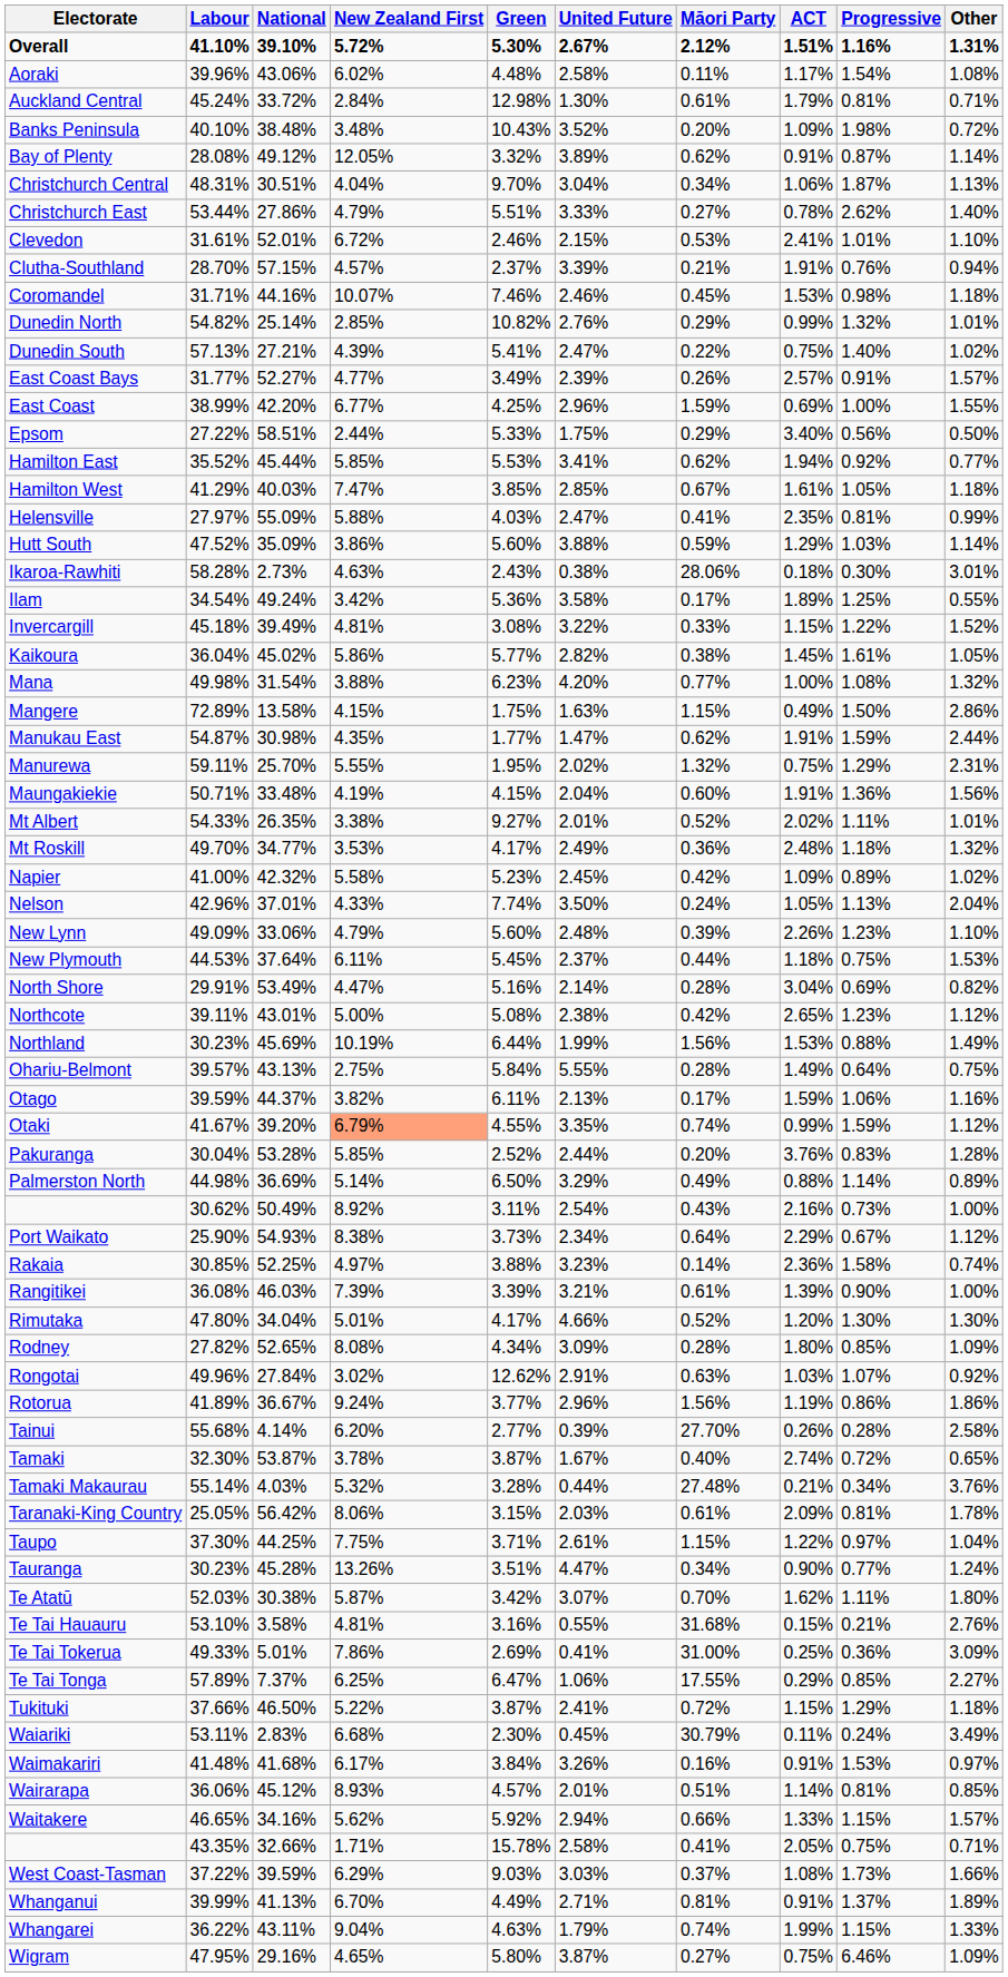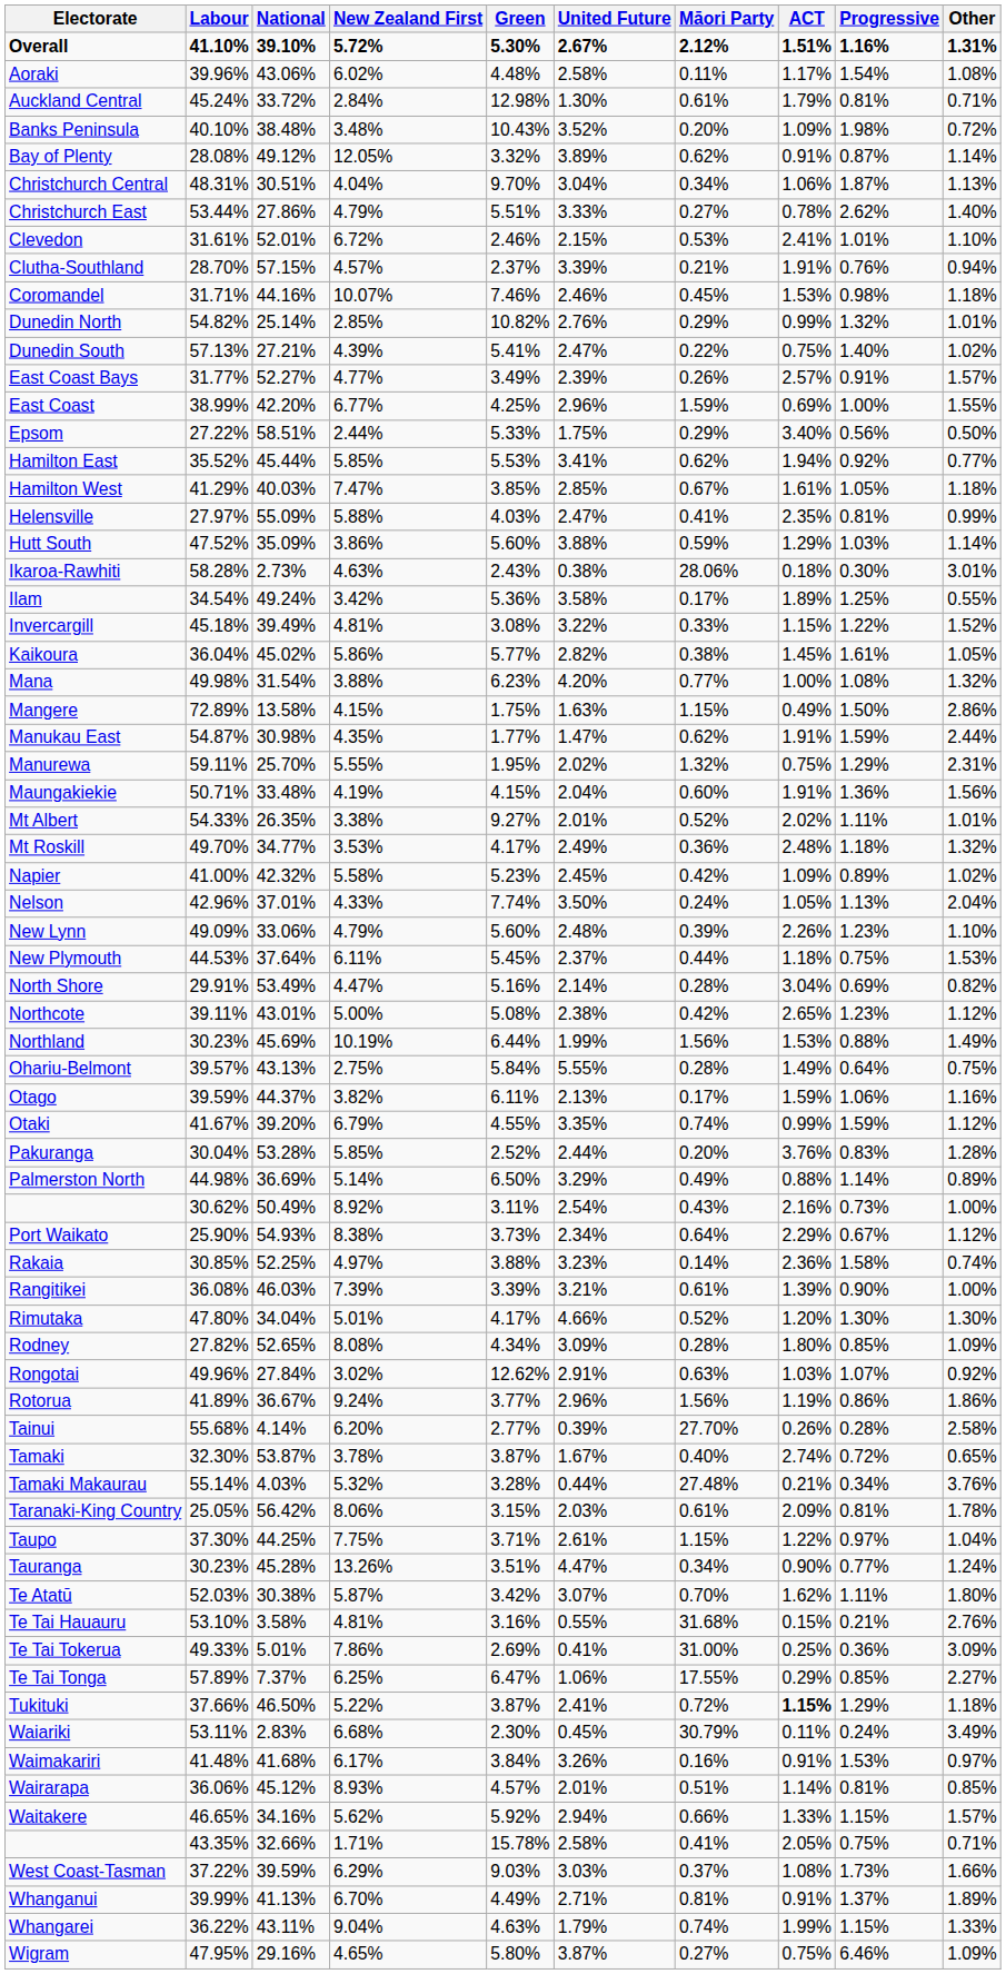 <table class="wikitable sortable">
 <tr>
 <th>Electorate</th>
 <th><a href='#'>Labour</a></th>
 <th><a href='#'>National</a></th>
 <th><a href='#'>New Zealand First</a></th>
 <th><a href='#'>Green</a></th>
 <th><a href='#'>United Future</a></th>
 <th><a href='#'>Māori Party</a></th>
 <th><a href='#'>ACT</a></th>
 <th><a href='#'>Progressive</a></th>
 <th>Other</th>
 </tr>
 <tr>
 <td><strong>Overall</strong></td>
 <td><strong>41.10%</strong></td>
 <td><strong>39.10%</strong></td>
 <td><strong>5.72%</strong></td>
 <td><strong>5.30%</strong></td>
 <td><strong>2.67%</strong></td>
 <td><strong>2.12%</strong></td>
 <td><strong>1.51%</strong></td>
 <td><strong>1.16%</strong></td>
 <td><strong>1.31%</strong></td>
 </tr>
 <tr>
 <td><a href='#'>Aoraki</a></td>
 <td>39.96%</td>
 <td>43.06%</td>
 <td>6.02%</td>
 <td>4.48%</td>
 <td>2.58%</td>
 <td>0.11%</td>
 <td>1.17%</td>
 <td>1.54%</td>
 <td>1.08%</td>
 </tr>
 <tr>
 <td><a href='#'>Auckland Central</a></td>
 <td>45.24%</td>
 <td>33.72%</td>
 <td>2.84%</td>
 <td>12.98%</td>
 <td>1.30%</td>
 <td>0.61%</td>
 <td>1.79%</td>
 <td>0.81%</td>
 <td>0.71%</td>
 </tr>
 <tr>
 <td><a href='#'>Banks Peninsula</a></td>
 <td>40.10%</td>
 <td>38.48%</td>
 <td>3.48%</td>
 <td>10.43%</td>
 <td>3.52%</td>
 <td>0.20%</td>
 <td>1.09%</td>
 <td>1.98%</td>
 <td>0.72%</td>
 </tr>
 <tr>
 <td><a href='#'>Bay of Plenty</a></td>
 <td>28.08%</td>
 <td>49.12%</td>
 <td>12.05%</td>
 <td>3.32%</td>
 <td>3.89%</td>
 <td>0.62%</td>
 <td>0.91%</td>
 <td>0.87%</td>
 <td>1.14%</td>
 </tr>
 <tr>
 <td><a href='#'>Christchurch Central</a></td>
 <td>48.31%</td>
 <td>30.51%</td>
 <td>4.04%</td>
 <td>9.70%</td>
 <td>3.04%</td>
 <td>0.34%</td>
 <td>1.06%</td>
 <td>1.87%</td>
 <td>1.13%</td>
 </tr>
 <tr>
 <td><a href='#'>Christchurch East</a></td>
 <td>53.44%</td>
 <td>27.86%</td>
 <td>4.79%</td>
 <td>5.51%</td>
 <td>3.33%</td>
 <td>0.27%</td>
 <td>0.78%</td>
 <td>2.62%</td>
 <td>1.40%</td>
 </tr>
 <tr>
 <td><a href='#'>Clevedon</a></td>
 <td>31.61%</td>
 <td>52.01%</td>
 <td>6.72%</td>
 <td>2.46%</td>
 <td>2.15%</td>
 <td>0.53%</td>
 <td>2.41%</td>
 <td>1.01%</td>
 <td>1.10%</td>
 </tr>
 <tr>
 <td><a href='#'>Clutha-Southland</a></td>
 <td>28.70%</td>
 <td>57.15%</td>
 <td>4.57%</td>
 <td>2.37%</td>
 <td>3.39%</td>
 <td>0.21%</td>
 <td>1.91%</td>
 <td>0.76%</td>
 <td>0.94%</td>
 </tr>
 <tr>
 <td><a href='#'>Coromandel</a></td>
 <td>31.71%</td>
 <td>44.16%</td>
 <td>10.07%</td>
 <td>7.46%</td>
 <td>2.46%</td>
 <td>0.45%</td>
 <td>1.53%</td>
 <td>0.98%</td>
 <td>1.18%</td>
 </tr>
 <tr>
 <td><a href='#'>Dunedin North</a></td>
 <td>54.82%</td>
 <td>25.14%</td>
 <td>2.85%</td>
 <td>10.82%</td>
 <td>2.76%</td>
 <td>0.29%</td>
 <td>0.99%</td>
 <td>1.32%</td>
 <td>1.01%</td>
 </tr>
 <tr>
 <td><a href='#'>Dunedin South</a></td>
 <td>57.13%</td>
 <td>27.21%</td>
 <td>4.39%</td>
 <td>5.41%</td>
 <td>2.47%</td>
 <td>0.22%</td>
 <td>0.75%</td>
 <td>1.40%</td>
 <td>1.02%</td>
 </tr>
 <tr>
 <td><a href='#'>East Coast Bays</a></td>
 <td>31.77%</td>
 <td>52.27%</td>
 <td>4.77%</td>
 <td>3.49%</td>
 <td>2.39%</td>
 <td>0.26%</td>
 <td>2.57%</td>
 <td>0.91%</td>
 <td>1.57%</td>
 </tr>
 <tr>
 <td><a href='#'>East Coast</a></td>
 <td>38.99%</td>
 <td>42.20%</td>
 <td>6.77%</td>
 <td>4.25%</td>
 <td>2.96%</td>
 <td>1.59%</td>
 <td>0.69%</td>
 <td>1.00%</td>
 <td>1.55%</td>
 </tr>
 <tr>
 <td><a href='#'>Epsom</a></td>
 <td>27.22%</td>
 <td>58.51%</td>
 <td>2.44%</td>
 <td>5.33%</td>
 <td>1.75%</td>
 <td>0.29%</td>
 <td>3.40%</td>
 <td>0.56%</td>
 <td>0.50%</td>
 </tr>
 <tr>
 <td><a href='#'>Hamilton East</a></td>
 <td>35.52%</td>
 <td>45.44%</td>
 <td>5.85%</td>
 <td>5.53%</td>
 <td>3.41%</td>
 <td>0.62%</td>
 <td>1.94%</td>
 <td>0.92%</td>
 <td>0.77%</td>
 </tr>
 <tr>
 <td><a href='#'>Hamilton West</a></td>
 <td>41.29%</td>
 <td>40.03%</td>
 <td>7.47%</td>
 <td>3.85%</td>
 <td>2.85%</td>
 <td>0.67%</td>
 <td>1.61%</td>
 <td>1.05%</td>
 <td>1.18%</td>
 </tr>
 <tr>
 <td><a href='#'>Helensville</a></td>
 <td>27.97%</td>
 <td>55.09%</td>
 <td>5.88%</td>
 <td>4.03%</td>
 <td>2.47%</td>
 <td>0.41%</td>
 <td>2.35%</td>
 <td>0.81%</td>
 <td>0.99%</td>
 </tr>
 <tr>
 <td><a href='#'>Hutt South</a></td>
 <td>47.52%</td>
 <td>35.09%</td>
 <td>3.86%</td>
 <td>5.60%</td>
 <td>3.88%</td>
 <td>0.59%</td>
 <td>1.29%</td>
 <td>1.03%</td>
 <td>1.14%</td>
 </tr>
 <tr>
 <td><a href='#'>Ikaroa-Rawhiti</a></td>
 <td>58.28%</td>
 <td>2.73%</td>
 <td>4.63%</td>
 <td>2.43%</td>
 <td>0.38%</td>
 <td>28.06%</td>
 <td>0.18%</td>
 <td>0.30%</td>
 <td>3.01%</td>
 </tr>
 <tr>
 <td><a href='#'>Ilam</a></td>
 <td>34.54%</td>
 <td>49.24%</td>
 <td>3.42%</td>
 <td>5.36%</td>
 <td>3.58%</td>
 <td>0.17%</td>
 <td>1.89%</td>
 <td>1.25%</td>
 <td>0.55%</td>
 </tr>
 <tr>
 <td><a href='#'>Invercargill</a></td>
 <td>45.18%</td>
 <td>39.49%</td>
 <td>4.81%</td>
 <td>3.08%</td>
 <td>3.22%</td>
 <td>0.33%</td>
 <td>1.15%</td>
 <td>1.22%</td>
 <td>1.52%</td>
 </tr>
 <tr>
 <td><a href='#'>Kaikoura</a></td>
 <td>36.04%</td>
 <td>45.02%</td>
 <td>5.86%</td>
 <td>5.77%</td>
 <td>2.82%</td>
 <td>0.38%</td>
 <td>1.45%</td>
 <td>1.61%</td>
 <td>1.05%</td>
 </tr>
 <tr>
 <td><a href='#'>Mana</a></td>
 <td>49.98%</td>
 <td>31.54%</td>
 <td>3.88%</td>
 <td>6.23%</td>
 <td>4.20%</td>
 <td>0.77%</td>
 <td>1.00%</td>
 <td>1.08%</td>
 <td>1.32%</td>
 </tr>
 <tr>
 <td><a href='#'>Mangere</a></td>
 <td>72.89%</td>
 <td>13.58%</td>
 <td>4.15%</td>
 <td>1.75%</td>
 <td>1.63%</td>
 <td>1.15%</td>
 <td>0.49%</td>
 <td>1.50%</td>
 <td>2.86%</td>
 </tr>
 <tr>
 <td><a href='#'>Manukau East</a></td>
 <td>54.87%</td>
 <td>30.98%</td>
 <td>4.35%</td>
 <td>1.77%</td>
 <td>1.47%</td>
 <td>0.62%</td>
 <td>1.91%</td>
 <td>1.59%</td>
 <td>2.44%</td>
 </tr>
 <tr>
 <td><a href='#'>Manurewa</a></td>
 <td>59.11%</td>
 <td>25.70%</td>
 <td>5.55%</td>
 <td>1.95%</td>
 <td>2.02%</td>
 <td>1.32%</td>
 <td>0.75%</td>
 <td>1.29%</td>
 <td>2.31%</td>
 </tr>
 <tr>
 <td><a href='#'>Maungakiekie</a></td>
 <td>50.71%</td>
 <td>33.48%</td>
 <td>4.19%</td>
 <td>4.15%</td>
 <td>2.04%</td>
 <td>0.60%</td>
 <td>1.91%</td>
 <td>1.36%</td>
 <td>1.56%</td>
 </tr>
 <tr>
 <td><a href='#'>Mt Albert</a></td>
 <td>54.33%</td>
 <td>26.35%</td>
 <td>3.38%</td>
 <td>9.27%</td>
 <td>2.01%</td>
 <td>0.52%</td>
 <td>2.02%</td>
 <td>1.11%</td>
 <td>1.01%</td>
 </tr>
 <tr>
 <td><a href='#'>Mt Roskill</a></td>
 <td>49.70%</td>
 <td>34.77%</td>
 <td>3.53%</td>
 <td>4.17%</td>
 <td>2.49%</td>
 <td>0.36%</td>
 <td>2.48%</td>
 <td>1.18%</td>
 <td>1.32%</td>
 </tr>
 <tr>
 <td><a href='#'>Napier</a></td>
 <td>41.00%</td>
 <td>42.32%</td>
 <td>5.58%</td>
 <td>5.23%</td>
 <td>2.45%</td>
 <td>0.42%</td>
 <td>1.09%</td>
 <td>0.89%</td>
 <td>1.02%</td>
 </tr>
 <tr>
 <td><a href='#'>Nelson</a></td>
 <td>42.96%</td>
 <td>37.01%</td>
 <td>4.33%</td>
 <td>7.74%</td>
 <td>3.50%</td>
 <td>0.24%</td>
 <td>1.05%</td>
 <td>1.13%</td>
 <td>2.04%</td>
 </tr>
 <tr>
 <td><a href='#'>New Lynn</a></td>
 <td>49.09%</td>
 <td>33.06%</td>
 <td>4.79%</td>
 <td>5.60%</td>
 <td>2.48%</td>
 <td>0.39%</td>
 <td>2.26%</td>
 <td>1.23%</td>
 <td>1.10%</td>
 </tr>
 <tr>
 <td><a href='#'>New Plymouth</a></td>
 <td>44.53%</td>
 <td>37.64%</td>
 <td>6.11%</td>
 <td>5.45%</td>
 <td>2.37%</td>
 <td>0.44%</td>
 <td>1.18%</td>
 <td>0.75%</td>
 <td>1.53%</td>
 </tr>
 <tr>
 <td><a href='#'>North Shore</a></td>
 <td>29.91%</td>
 <td>53.49%</td>
 <td>4.47%</td>
 <td>5.16%</td>
 <td>2.14%</td>
 <td>0.28%</td>
 <td>3.04%</td>
 <td>0.69%</td>
 <td>0.82%</td>
 </tr>
 <tr>
 <td><a href='#'>Northcote</a></td>
 <td>39.11%</td>
 <td>43.01%</td>
 <td>5.00%</td>
 <td>5.08%</td>
 <td>2.38%</td>
 <td>0.42%</td>
 <td>2.65%</td>
 <td>1.23%</td>
 <td>1.12%</td>
 </tr>
 <tr>
 <td><a href='#'>Northland</a></td>
 <td>30.23%</td>
 <td>45.69%</td>
 <td>10.19%</td>
 <td>6.44%</td>
 <td>1.99%</td>
 <td>1.56%</td>
 <td>1.53%</td>
 <td>0.88%</td>
 <td>1.49%</td>
 </tr>
 <tr>
 <td><a href='#'>Ohariu-Belmont</a></td>
 <td>39.57%</td>
 <td>43.13%</td>
 <td>2.75%</td>
 <td>5.84%</td>
 <td>5.55%</td>
 <td>0.28%</td>
 <td>1.49%</td>
 <td>0.64%</td>
 <td>0.75%</td>
 </tr>
 <tr>
 <td><a href='#'>Otago</a></td>
 <td>39.59%</td>
 <td>44.37%</td>
 <td>3.82%</td>
 <td>6.11%</td>
 <td>2.13%</td>
 <td>0.17%</td>
 <td>1.59%</td>
 <td>1.06%</td>
 <td>1.16%</td>
 </tr>
 <tr>
 <td><a href='#'>Otaki</a></td>
 <td>41.67%</td>
 <td>39.20%</td>
-<td style="background: lightsalmon;">6.79%</td>
+<td>6.79%</td>
 <td>4.55%</td>
 <td>3.35%</td>
 <td>0.74%</td>
 <td>0.99%</td>
 <td>1.59%</td>
 <td>1.12%</td>
 </tr>
 <tr>
 <td><a href='#'>Pakuranga</a></td>
 <td>30.04%</td>
 <td>53.28%</td>
 <td>5.85%</td>
 <td>2.52%</td>
 <td>2.44%</td>
 <td>0.20%</td>
 <td>3.76%</td>
 <td>0.83%</td>
 <td>1.28%</td>
 </tr>
 <tr>
 <td><a href='#'>Palmerston North</a></td>
 <td>44.98%</td>
 <td>36.69%</td>
 <td>5.14%</td>
 <td>6.50%</td>
 <td>3.29%</td>
 <td>0.49%</td>
 <td>0.88%</td>
 <td>1.14%</td>
 <td>0.89%</td>
 </tr>
 <tr>
 <td></td>
 <td>30.62%</td>
 <td>50.49%</td>
 <td>8.92%</td>
 <td>3.11%</td>
 <td>2.54%</td>
 <td>0.43%</td>
 <td>2.16%</td>
 <td>0.73%</td>
 <td>1.00%</td>
 </tr>
 <tr>
 <td><a href='#'>Port Waikato</a></td>
 <td>25.90%</td>
 <td>54.93%</td>
 <td>8.38%</td>
 <td>3.73%</td>
 <td>2.34%</td>
 <td>0.64%</td>
 <td>2.29%</td>
 <td>0.67%</td>
 <td>1.12%</td>
 </tr>
 <tr>
 <td><a href='#'>Rakaia</a></td>
 <td>30.85%</td>
 <td>52.25%</td>
 <td>4.97%</td>
 <td>3.88%</td>
 <td>3.23%</td>
 <td>0.14%</td>
 <td>2.36%</td>
 <td>1.58%</td>
 <td>0.74%</td>
 </tr>
 <tr>
 <td><a href='#'>Rangitikei</a></td>
 <td>36.08%</td>
 <td>46.03%</td>
 <td>7.39%</td>
 <td>3.39%</td>
 <td>3.21%</td>
 <td>0.61%</td>
 <td>1.39%</td>
 <td>0.90%</td>
 <td>1.00%</td>
 </tr>
 <tr>
 <td><a href='#'>Rimutaka</a></td>
 <td>47.80%</td>
 <td>34.04%</td>
 <td>5.01%</td>
 <td>4.17%</td>
 <td>4.66%</td>
 <td>0.52%</td>
 <td>1.20%</td>
 <td>1.30%</td>
 <td>1.30%</td>
 </tr>
 <tr>
 <td><a href='#'>Rodney</a></td>
 <td>27.82%</td>
 <td>52.65%</td>
 <td>8.08%</td>
 <td>4.34%</td>
 <td>3.09%</td>
 <td>0.28%</td>
 <td>1.80%</td>
 <td>0.85%</td>
 <td>1.09%</td>
 </tr>
 <tr>
 <td><a href='#'>Rongotai</a></td>
 <td>49.96%</td>
 <td>27.84%</td>
 <td>3.02%</td>
 <td>12.62%</td>
 <td>2.91%</td>
 <td>0.63%</td>
 <td>1.03%</td>
 <td>1.07%</td>
 <td>0.92%</td>
 </tr>
 <tr>
 <td><a href='#'>Rotorua</a></td>
 <td>41.89%</td>
 <td>36.67%</td>
 <td>9.24%</td>
 <td>3.77%</td>
 <td>2.96%</td>
 <td>1.56%</td>
 <td>1.19%</td>
 <td>0.86%</td>
 <td>1.86%</td>
 </tr>
 <tr>
 <td><a href='#'>Tainui</a></td>
 <td>55.68%</td>
 <td>4.14%</td>
 <td>6.20%</td>
 <td>2.77%</td>
 <td>0.39%</td>
 <td>27.70%</td>
 <td>0.26%</td>
 <td>0.28%</td>
 <td>2.58%</td>
 </tr>
 <tr>
 <td><a href='#'>Tamaki</a></td>
 <td>32.30%</td>
 <td>53.87%</td>
 <td>3.78%</td>
 <td>3.87%</td>
 <td>1.67%</td>
 <td>0.40%</td>
 <td>2.74%</td>
 <td>0.72%</td>
 <td>0.65%</td>
 </tr>
 <tr>
 <td><a href='#'>Tamaki Makaurau</a></td>
 <td>55.14%</td>
 <td>4.03%</td>
 <td>5.32%</td>
 <td>3.28%</td>
 <td>0.44%</td>
 <td>27.48%</td>
 <td>0.21%</td>
 <td>0.34%</td>
 <td>3.76%</td>
 </tr>
 <tr>
 <td><a href='#'>Taranaki-King Country</a></td>
 <td>25.05%</td>
 <td>56.42%</td>
 <td>8.06%</td>
 <td>3.15%</td>
 <td>2.03%</td>
 <td>0.61%</td>
 <td>2.09%</td>
 <td>0.81%</td>
 <td>1.78%</td>
 </tr>
 <tr>
 <td><a href='#'>Taupo</a></td>
 <td>37.30%</td>
 <td>44.25%</td>
 <td>7.75%</td>
 <td>3.71%</td>
 <td>2.61%</td>
 <td>1.15%</td>
 <td>1.22%</td>
 <td>0.97%</td>
 <td>1.04%</td>
 </tr>
 <tr>
 <td><a href='#'>Tauranga</a></td>
 <td>30.23%</td>
 <td>45.28%</td>
 <td>13.26%</td>
 <td>3.51%</td>
 <td>4.47%</td>
 <td>0.34%</td>
 <td>0.90%</td>
 <td>0.77%</td>
 <td>1.24%</td>
 </tr>
 <tr>
 <td><a href='#'>Te Atatū</a></td>
 <td>52.03%</td>
 <td>30.38%</td>
 <td>5.87%</td>
 <td>3.42%</td>
 <td>3.07%</td>
 <td>0.70%</td>
 <td>1.62%</td>
 <td>1.11%</td>
 <td>1.80%</td>
 </tr>
 <tr>
 <td><a href='#'>Te Tai Hauauru</a></td>
 <td>53.10%</td>
 <td>3.58%</td>
 <td>4.81%</td>
 <td>3.16%</td>
 <td>0.55%</td>
 <td>31.68%</td>
 <td>0.15%</td>
 <td>0.21%</td>
 <td>2.76%</td>
 </tr>
 <tr>
 <td><a href='#'>Te Tai Tokerua</a></td>
 <td>49.33%</td>
 <td>5.01%</td>
 <td>7.86%</td>
 <td>2.69%</td>
 <td>0.41%</td>
 <td>31.00%</td>
 <td>0.25%</td>
 <td>0.36%</td>
 <td>3.09%</td>
 </tr>
 <tr>
 <td><a href='#'>Te Tai Tonga</a></td>
 <td>57.89%</td>
 <td>7.37%</td>
 <td>6.25%</td>
 <td>6.47%</td>
 <td>1.06%</td>
 <td>17.55%</td>
 <td>0.29%</td>
 <td>0.85%</td>
 <td>2.27%</td>
 </tr>
 <tr>
 <td><a href='#'>Tukituki</a></td>
 <td>37.66%</td>
 <td>46.50%</td>
 <td>5.22%</td>
 <td>3.87%</td>
 <td>2.41%</td>
 <td>0.72%</td>
-<td>1.15%</td>
+<td><strong>1.15%</strong></td>
 <td>1.29%</td>
 <td>1.18%</td>
 </tr>
 <tr>
 <td><a href='#'>Waiariki</a></td>
 <td>53.11%</td>
 <td>2.83%</td>
 <td>6.68%</td>
 <td>2.30%</td>
 <td>0.45%</td>
 <td>30.79%</td>
 <td>0.11%</td>
 <td>0.24%</td>
 <td>3.49%</td>
 </tr>
 <tr>
 <td><a href='#'>Waimakariri</a></td>
 <td>41.48%</td>
 <td>41.68%</td>
 <td>6.17%</td>
 <td>3.84%</td>
 <td>3.26%</td>
 <td>0.16%</td>
 <td>0.91%</td>
 <td>1.53%</td>
 <td>0.97%</td>
 </tr>
 <tr>
 <td><a href='#'>Wairarapa</a></td>
 <td>36.06%</td>
 <td>45.12%</td>
 <td>8.93%</td>
 <td>4.57%</td>
 <td>2.01%</td>
 <td>0.51%</td>
 <td>1.14%</td>
 <td>0.81%</td>
 <td>0.85%</td>
 </tr>
 <tr>
 <td><a href='#'>Waitakere</a></td>
 <td>46.65%</td>
 <td>34.16%</td>
 <td>5.62%</td>
 <td>5.92%</td>
 <td>2.94%</td>
 <td>0.66%</td>
 <td>1.33%</td>
 <td>1.15%</td>
 <td>1.57%</td>
 </tr>
 <tr>
 <td></td>
 <td>43.35%</td>
 <td>32.66%</td>
 <td>1.71%</td>
 <td>15.78%</td>
 <td>2.58%</td>
 <td>0.41%</td>
 <td>2.05%</td>
 <td>0.75%</td>
 <td>0.71%</td>
 </tr>
 <tr>
 <td><a href='#'>West Coast-Tasman</a></td>
 <td>37.22%</td>
 <td>39.59%</td>
 <td>6.29%</td>
 <td>9.03%</td>
 <td>3.03%</td>
 <td>0.37%</td>
 <td>1.08%</td>
 <td>1.73%</td>
 <td>1.66%</td>
 </tr>
 <tr>
 <td><a href='#'>Whanganui</a></td>
 <td>39.99%</td>
 <td>41.13%</td>
 <td>6.70%</td>
 <td>4.49%</td>
 <td>2.71%</td>
 <td>0.81%</td>
 <td>0.91%</td>
 <td>1.37%</td>
 <td>1.89%</td>
 </tr>
 <tr>
 <td><a href='#'>Whangarei</a></td>
 <td>36.22%</td>
 <td>43.11%</td>
 <td>9.04%</td>
 <td>4.63%</td>
 <td>1.79%</td>
 <td>0.74%</td>
 <td>1.99%</td>
 <td>1.15%</td>
 <td>1.33%</td>
 </tr>
 <tr>
 <td><a href='#'>Wigram</a></td>
 <td>47.95%</td>
 <td>29.16%</td>
 <td>4.65%</td>
 <td>5.80%</td>
 <td>3.87%</td>
 <td>0.27%</td>
 <td>0.75%</td>
 <td>6.46%</td>
 <td>1.09%</td>
 </tr>
 </table>
